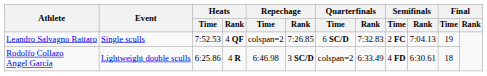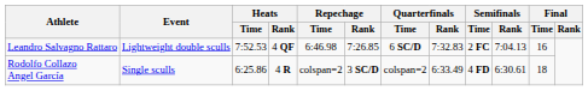 <table class="wikitable" style="font-size:90%">
 <tr>
 <th rowspan="2">Athlete</th>
 <th rowspan="2">Event</th>
 <th colspan="2">Heats</th>
 <th colspan="2">Repechage</th>
 <th colspan="2">Quarterfinals</th>
 <th colspan="2">Semifinals</th>
 <th colspan="2">Final</th>
 </tr>
 <tr style="font-size:95%">
 <th>Time</th>
 <th>Rank</th>
 <th>Time</th>
 <th>Rank</th>
 <th>Time</th>
 <th>Rank</th>
 <th>Time</th>
 <th>Rank</th>
 <th>Time</th>
 <th>Rank</th>
 </tr>
 <tr align=center>
 <td align=left><a href='#'>Leandro Salvagno Rattaro</a></td>
-<td align=left><a href='#'>Single sculls</a></td>
+<td align=left><a href='#'>Lightweight double sculls</a></td>
 <td>7:52.53</td>
 <td>4 <strong>QF</strong></td>
-<td>colspan=2 </td>
+<td>6:46.98</td>
 <td>7:26.85</td>
 <td>6 <strong>SC/D</strong></td>
 <td>7:32.83</td>
 <td>2 <strong>FC</strong></td>
 <td>7:04.13</td>
-<td>19</td>
+<td>16</td>
 </tr>
 <tr align=center>
 <td align=left><a href='#'>Rodolfo Collazo</a><br><a href='#'>Angel García</a></td>
-<td align=left><a href='#'>Lightweight double sculls</a></td>
+<td align=left><a href='#'>Single sculls</a></td>
 <td>6:25.86</td>
 <td>4 <strong>R</strong></td>
-<td>6:46.98</td>
+<td>colspan=2 </td>
 <td>3 <strong>SC/D</strong></td>
 <td>colspan=2 </td>
 <td>6:33.49</td>
 <td>4 <strong>FD</strong></td>
 <td>6:30.61</td>
 <td>18</td>
 </tr>
 </table>
